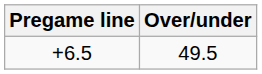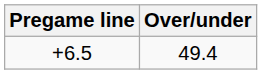 <table class="wikitable" style="margin-left: auto; margin-right: auto; border: none; display: inline-table;">
 <tr align="center">
 <th style=>Pregame line</th>
 <th style=>Over/under</th>
 </tr>
 <tr align="center">
 <td>+6.5</td>
-<td>49.5</td>
+<td>49.4</td>
 </tr>
 </table>
